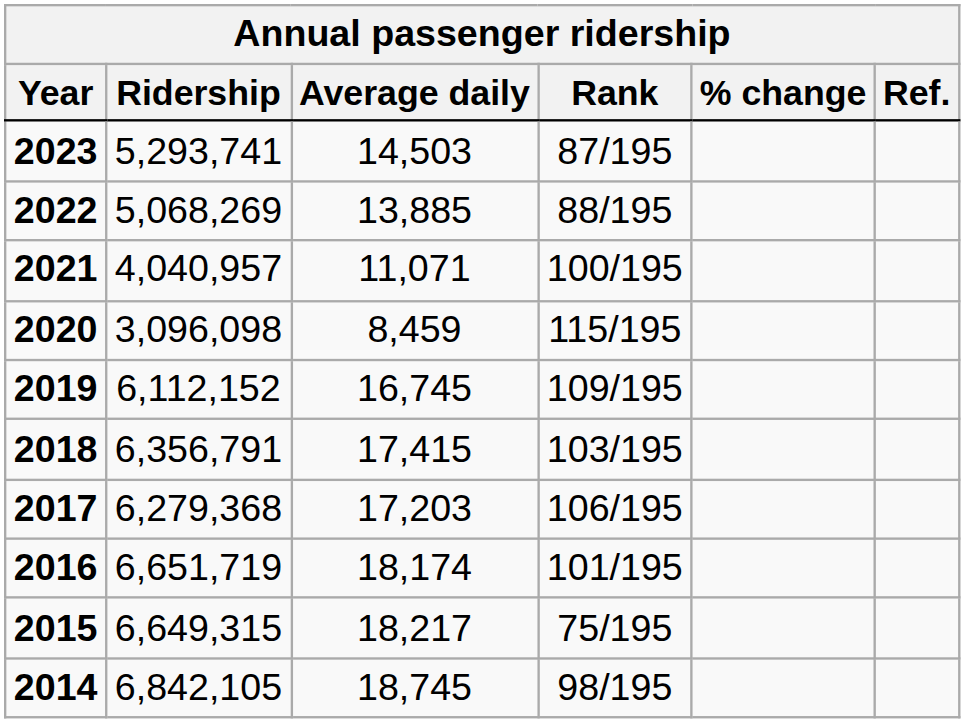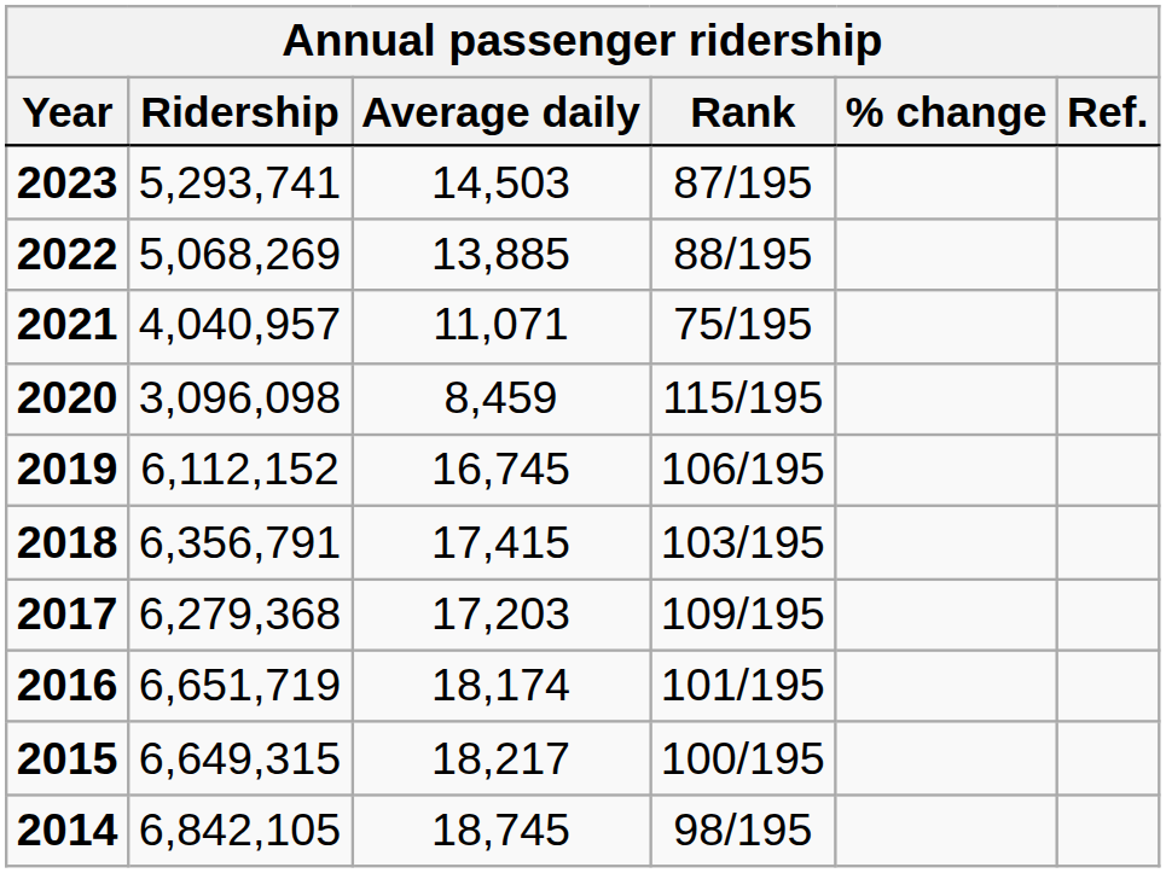 <table class="wikitable sortable" style="text-align:right;">
 <tr>
 <th colspan="6" style="background-color:#">Annual passenger ridership</th>
 </tr>
 <tr style="font-size:95%; text-align:center">
 <th style="border-bottom:1px solid black">Year</th>
 <th style="border-bottom:1px solid black">Ridership</th>
 <th style="border-bottom:1px solid black">Average daily</th>
 <th style="border-bottom:1px solid black">Rank</th>
 <th style="border-bottom:1px solid black">% change</th>
 <th style="border-bottom:1px solid black">Ref.</th>
 </tr>
 <tr style="text-align:center;">
 <td><strong>2023</strong></td>
 <td>5,293,741</td>
 <td>14,503</td>
 <td>87/195</td>
 <td></td>
 <td></td>
 </tr>
 <tr style="text-align:center;">
 <td><strong>2022</strong></td>
 <td>5,068,269</td>
 <td>13,885</td>
 <td>88/195</td>
 <td></td>
 <td></td>
 </tr>
 <tr style="text-align:center;">
 <td><strong>2021</strong></td>
 <td>4,040,957</td>
 <td>11,071</td>
-<td>100/195</td>
+<td>75/195</td>
 <td></td>
 <td></td>
 </tr>
 <tr style="text-align:center;">
 <td><strong>2020</strong></td>
 <td>3,096,098</td>
 <td>8,459</td>
 <td>115/195</td>
 <td></td>
 <td></td>
 </tr>
 <tr style="text-align:center;">
 <td><strong>2019</strong></td>
 <td>6,112,152</td>
 <td>16,745</td>
-<td>109/195</td>
+<td>106/195</td>
 <td></td>
 <td></td>
 </tr>
 <tr style="text-align:center;">
 <td><strong>2018</strong></td>
 <td>6,356,791</td>
 <td>17,415</td>
 <td>103/195</td>
 <td></td>
 <td></td>
 </tr>
 <tr style="text-align:center;">
 <td><strong>2017</strong></td>
 <td>6,279,368</td>
 <td>17,203</td>
-<td>106/195</td>
+<td>109/195</td>
 <td></td>
 <td></td>
 </tr>
 <tr style="text-align:center;">
 <td><strong>2016</strong></td>
 <td>6,651,719</td>
 <td>18,174</td>
 <td>101/195</td>
 <td></td>
 <td></td>
 </tr>
 <tr style="text-align:center;">
 <td><strong>2015</strong></td>
 <td>6,649,315</td>
 <td>18,217</td>
-<td>75/195</td>
+<td>100/195</td>
 <td></td>
 <td></td>
 </tr>
 <tr style="text-align:center;">
 <td><strong>2014</strong></td>
 <td>6,842,105</td>
 <td>18,745</td>
 <td>98/195</td>
 <td></td>
 <td></td>
 </tr>
 </table>
